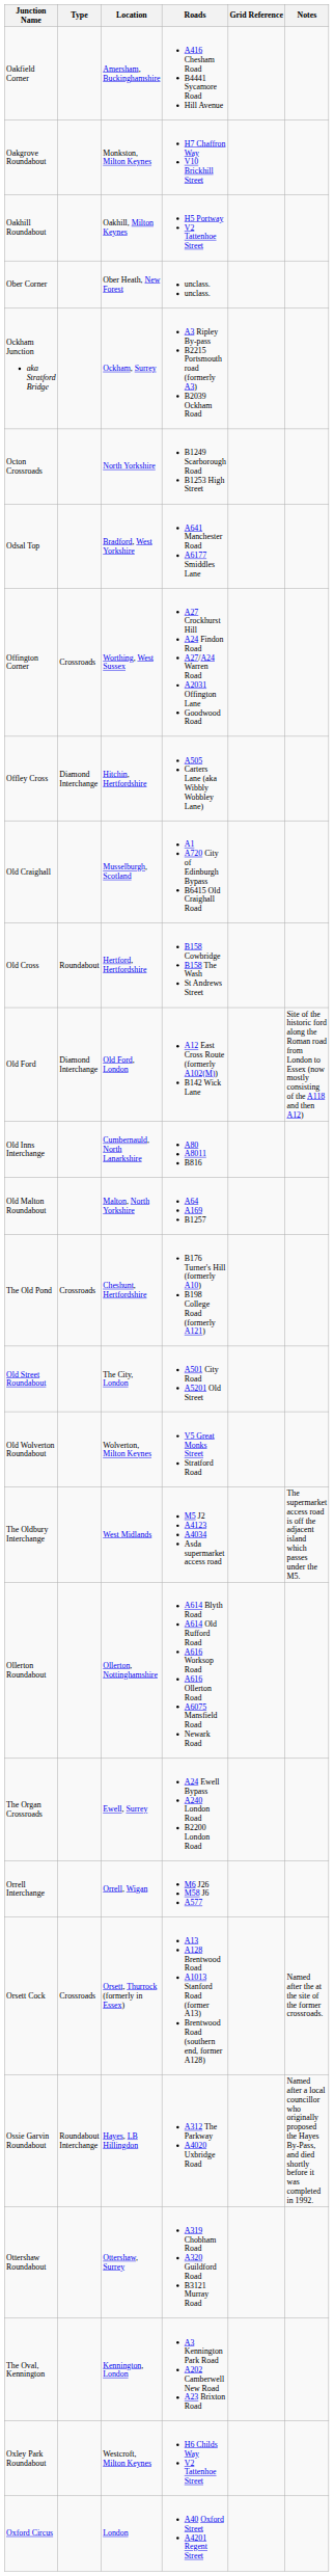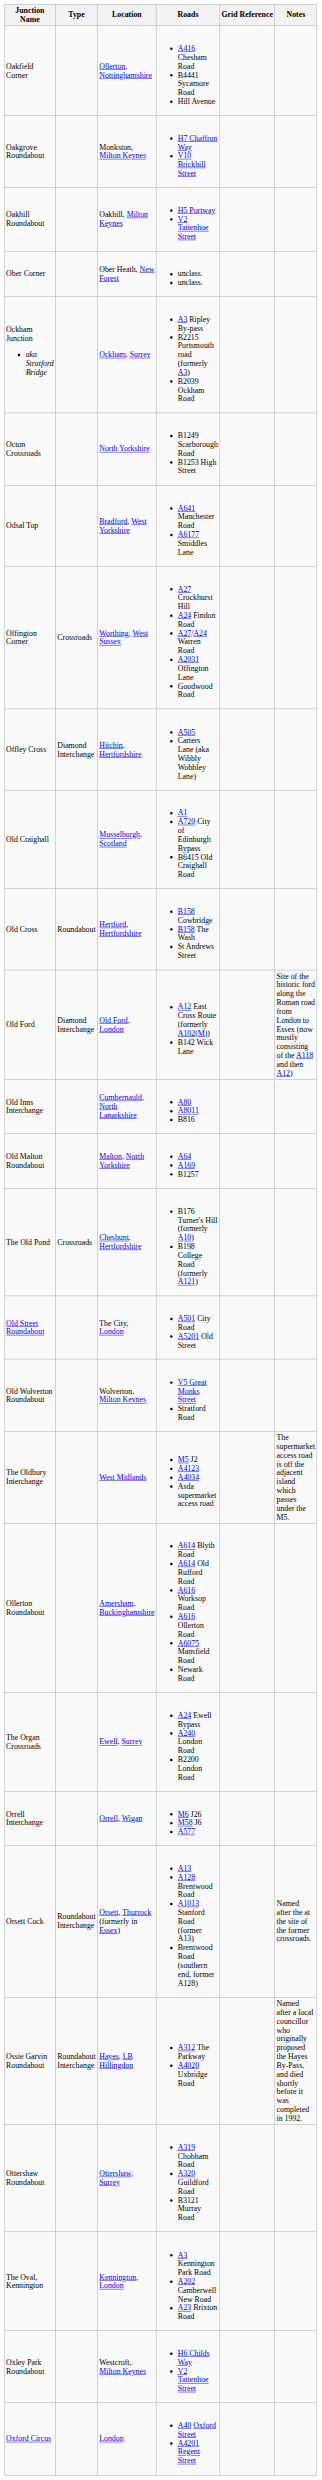 <table class=wikitable>
 <tr>
 <th width=20%>Junction Name</th>
 <th width=5%>Type</th>
 <th width=15%>Location</th>
 <th width=30%>Roads</th>
 <th width=18%>Grid Reference</th>
 <th width=25%>Notes</th>
 </tr>
 <tr>
 <td>Oakfield Corner</td>
 <td></td>
-<td><a href='#'>Amersham</a>, <a href='#'>Buckinghamshire</a></td>
+<td><a href='#'>Ollerton</a>, <a href='#'>Nottinghamshire</a></td>
 <td><br><ul><li><a href='#'>A416</a> Chesham Road</li><li>B4441 Sycamore Road</li><li>Hill Avenue</li></ul></td>
 <td></td>
 <td></td>
 </tr>
 <tr>
 <td>Oakgrove Roundabout</td>
 <td></td>
 <td>Monkston, <a href='#'>Milton Keynes</a></td>
 <td><br><ul><li><a href='#'>H7 Chaffron Way</a></li><li><a href='#'>V10 Brickhill Street</a></li></ul></td>
 <td></td>
 <td></td>
 </tr>
 <tr>
 <td>Oakhill Roundabout</td>
 <td></td>
 <td>Oakhill, <a href='#'>Milton Keynes</a></td>
 <td><br><ul><li><a href='#'>H5 Portway</a></li><li><a href='#'>V2 Tattenhoe Street</a></li></ul></td>
 <td></td>
 <td></td>
 </tr>
 <tr>
 <td>Ober Corner</td>
 <td></td>
 <td>Ober Heath, <a href='#'>New Forest</a></td>
 <td><br><ul><li>unclass.</li><li>unclass.</li></ul></td>
 <td></td>
 <td></td>
 </tr>
 <tr>
 <td>Ockham Junction<br><ul><li><em>aka Stratford Bridge</em></li></ul></td>
 <td></td>
 <td><a href='#'>Ockham</a>, <a href='#'>Surrey</a></td>
 <td><br><ul><li><a href='#'>A3</a> Ripley By-pass</li><li>B2215 Portsmouth road (formerly <a href='#'>A3</a>)</li><li>B2039 Ockham Road</li></ul></td>
 <td></td>
 <td></td>
 </tr>
 <tr>
 <td>Octon Crossroads</td>
 <td></td>
 <td><a href='#'>North Yorkshire</a></td>
 <td><br><ul><li>B1249 Scarborough Road</li><li>B1253 High Street</li></ul></td>
 <td></td>
 <td></td>
 </tr>
 <tr>
 <td>Odsal Top</td>
 <td></td>
 <td><a href='#'>Bradford</a>, <a href='#'>West Yorkshire</a></td>
 <td><br><ul><li><a href='#'>A641</a> Manchester Road</li><li><a href='#'>A6177</a> Smiddles Lane</li></ul></td>
 <td></td>
 <td></td>
 </tr>
 <tr>
 <td>Offington Corner</td>
 <td>Crossroads</td>
 <td><a href='#'>Worthing</a>, <a href='#'>West Sussex</a></td>
 <td><br><ul><li><a href='#'>A27</a> Crockhurst Hill</li><li><a href='#'>A24</a> Findon Road</li><li><a href='#'>A27</a>/<a href='#'>A24</a> Warren Road</li><li><a href='#'>A2031</a> Offington Lane</li><li>Goodwood Road</li></ul></td>
 <td></td>
 <td></td>
 </tr>
 <tr>
 <td>Offley Cross</td>
 <td>Diamond Interchange</td>
 <td><a href='#'>Hitchin</a>, <a href='#'>Hertfordshire</a></td>
 <td><br><ul><li><a href='#'>A505</a></li><li>Carters Lane (aka Wibbly Wobbley Lane)</li></ul></td>
 <td></td>
 <td></td>
 </tr>
 <tr>
 <td>Old Craighall</td>
 <td></td>
 <td><a href='#'>Musselburgh</a>, <a href='#'>Scotland</a></td>
 <td><br><ul><li><a href='#'>A1</a></li><li><a href='#'>A720</a> City of Edinburgh Bypass</li><li>B6415 Old Craighall Road</li></ul></td>
 <td></td>
 <td></td>
 </tr>
 <tr>
 <td>Old Cross</td>
 <td>Roundabout</td>
 <td><a href='#'>Hertford</a>, <a href='#'>Hertfordshire</a></td>
 <td><br><ul><li><a href='#'>B158</a> Cowbridge</li><li><a href='#'>B158</a> The Wash</li><li>St Andrews Street</li></ul></td>
 <td></td>
 <td></td>
 </tr>
 <tr>
 <td>Old Ford</td>
 <td>Diamond Interchange</td>
 <td><a href='#'>Old Ford</a>, <a href='#'>London</a></td>
 <td><br><ul><li><a href='#'>A12</a> East Cross Route (formerly <a href='#'>A102(M)</a>)</li><li>B142 Wick Lane</li></ul></td>
 <td></td>
 <td>Site of the historic ford along the Roman road from London to Essex (now mostly consisting of the <a href='#'>A118</a> and then <a href='#'>A12</a>)</td>
 </tr>
 <tr>
 <td>Old Inns Interchange</td>
 <td></td>
 <td><a href='#'>Cumbernauld</a>, <a href='#'>North Lanarkshire</a></td>
 <td><br><ul><li><a href='#'>A80</a></li><li><a href='#'>A8011</a></li><li>B816</li></ul></td>
 <td></td>
 <td></td>
 </tr>
 <tr>
 <td>Old Malton Roundabout</td>
 <td></td>
 <td><a href='#'>Malton</a>, <a href='#'>North Yorkshire</a></td>
 <td><br><ul><li><a href='#'>A64</a></li><li><a href='#'>A169</a></li><li>B1257</li></ul></td>
 <td></td>
 <td></td>
 </tr>
 <tr>
 <td>The Old Pond</td>
 <td>Crossroads</td>
 <td><a href='#'>Cheshunt</a>, <a href='#'>Hertfordshire</a></td>
 <td><br><ul><li>B176 Turner's Hill (formerly <a href='#'>A10</a>)</li><li>B198 College Road (formerly <a href='#'>A121</a>)</li></ul></td>
 <td></td>
 <td></td>
 </tr>
 <tr>
 <td><a href='#'>Old Street Roundabout</a></td>
 <td></td>
 <td>The City, <a href='#'>London</a></td>
 <td><br><ul><li><a href='#'>A501</a> City Road</li><li><a href='#'>A5201</a> Old Street</li></ul></td>
 <td></td>
 <td></td>
 </tr>
 <tr>
 <td>Old Wolverton Roundabout</td>
 <td></td>
 <td>Wolverton, <a href='#'>Milton Keynes</a></td>
 <td><br><ul><li><a href='#'>V5 Great Monks Street</a></li><li>Stratford Road</li></ul></td>
 <td></td>
 <td></td>
 </tr>
 <tr>
 <td>The Oldbury Interchange</td>
 <td></td>
 <td><a href='#'>West Midlands</a></td>
 <td><br><ul><li><a href='#'>M5</a> J2</li><li><a href='#'>A4123</a></li><li><a href='#'>A4034</a></li><li>Asda supermarket access road</li></ul></td>
 <td></td>
 <td>The supermarket access road is off the adjacent island which passes under the M5.</td>
 </tr>
 <tr>
 <td>Ollerton Roundabout</td>
 <td></td>
-<td><a href='#'>Ollerton</a>, <a href='#'>Nottinghamshire</a></td>
+<td><a href='#'>Amersham</a>, <a href='#'>Buckinghamshire</a></td>
 <td><br><ul><li><a href='#'>A614</a> Blyth Road</li><li><a href='#'>A614</a> Old Rufford Road</li><li><a href='#'>A616</a> Worksop Road</li><li><a href='#'>A616</a> Ollerton Road</li><li><a href='#'>A6075</a> Mansfield Road</li><li>Newark Road</li></ul></td>
 <td></td>
 <td></td>
 </tr>
 <tr>
 <td>The Organ Crossroads</td>
 <td></td>
 <td><a href='#'>Ewell</a>, <a href='#'>Surrey</a></td>
 <td><br><ul><li><a href='#'>A24</a> Ewell Bypass</li><li><a href='#'>A240</a> London Road</li><li>B2200 London Road</li></ul></td>
 <td></td>
 <td></td>
 </tr>
 <tr>
 <td>Orrell Interchange</td>
 <td></td>
 <td><a href='#'>Orrell</a>, <a href='#'>Wigan</a></td>
 <td><br><ul><li><a href='#'>M6</a> J26</li><li><a href='#'>M58</a> J6</li><li><a href='#'>A577</a></li></ul></td>
 <td></td>
 <td></td>
 </tr>
 <tr>
 <td>Orsett Cock</td>
-<td>Crossroads</td>
+<td>Roundabout Interchange</td>
 <td><a href='#'>Orsett</a>, <a href='#'>Thurrock</a> (formerly in <a href='#'>Essex</a>)</td>
 <td><br><ul><li><a href='#'>A13</a></li><li><a href='#'>A128</a> Brentwood Road</li><li><a href='#'>A1013</a> Stanford Road (former A13)</li><li>Brentwood Road (southern end, former A128)</li></ul></td>
 <td></td>
 <td>Named after the  at the site of the former crossroads.</td>
 </tr>
 <tr>
 <td>Ossie Garvin Roundabout</td>
 <td>Roundabout Interchange</td>
 <td><a href='#'>Hayes</a>, <a href='#'>LB Hillingdon</a></td>
 <td><br><ul><li><a href='#'>A312</a> The Parkway</li><li><a href='#'>A4020</a> Uxbridge Road</li></ul></td>
 <td></td>
 <td>Named after a local councillor who originally proposed the Hayes By-Pass, and died shortly before it was completed in 1992.</td>
 </tr>
 <tr>
 <td>Ottershaw Roundabout</td>
 <td></td>
 <td><a href='#'>Ottershaw</a>, <a href='#'>Surrey</a></td>
 <td><br><ul><li><a href='#'>A319</a> Chobham Road</li><li><a href='#'>A320</a> Guildford Road</li><li>B3121 Murray Road</li></ul></td>
 <td></td>
 <td></td>
 </tr>
 <tr>
 <td>The Oval, Kennington</td>
 <td></td>
 <td><a href='#'>Kennington</a>, <a href='#'>London</a></td>
 <td><br><ul><li><a href='#'>A3</a> Kennington Park Road</li><li><a href='#'>A202</a> Camberwell New Road</li><li><a href='#'>A23</a> Brixton Road</li></ul></td>
 <td></td>
 <td></td>
 </tr>
 <tr>
 <td>Oxley Park Roundabout</td>
 <td></td>
 <td>Westcroft, <a href='#'>Milton Keynes</a></td>
 <td><br><ul><li><a href='#'>H6 Childs Way</a></li><li><a href='#'>V2 Tattenhoe Street</a></li></ul></td>
 <td></td>
 <td></td>
 </tr>
 <tr>
 <td><a href='#'>Oxford Circus</a></td>
 <td></td>
 <td><a href='#'>London</a></td>
 <td><br><ul><li><a href='#'>A40</a> <a href='#'>Oxford Street</a></li><li><a href='#'>A4201</a> <a href='#'>Regent Street</a></li></ul></td>
 <td></td>
 <td></td>
 </tr>
 </table>
